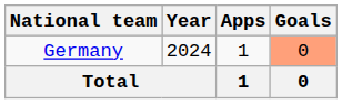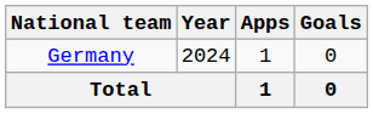 <table class="wikitable" style="text-align:center">
 <tr>
 <th>National team</th>
 <th>Year</th>
 <th>Apps</th>
 <th>Goals</th>
 </tr>
 <tr>
 <td><a href='#'>Germany</a></td>
 <td>2024</td>
 <td>1</td>
-<td style="background: lightsalmon;">0</td>
+<td>0</td>
 </tr>
 <tr>
 <th colspan="2">Total</th>
 <th>1</th>
 <th>0</th>
 </tr>
 </table>
